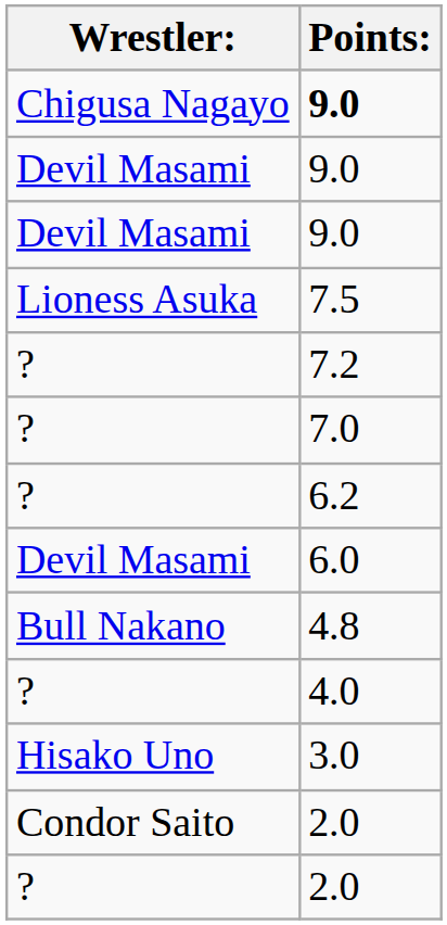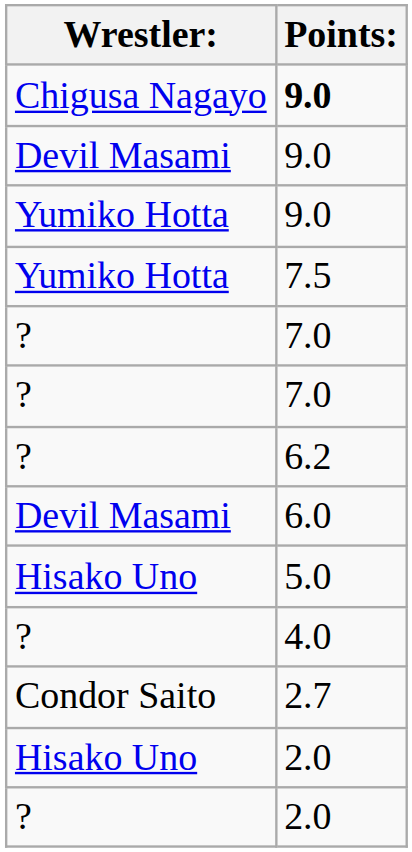 <table class="wikitable" style="margin: 1em auto 1em auto">
 <tr>
 <th>Wrestler:</th>
 <th>Points:</th>
 </tr>
 <tr>
 <td><a href='#'>Chigusa Nagayo</a></td>
 <td><strong>9.0</strong></td>
 </tr>
 <tr>
 <td><a href='#'>Devil Masami</a></td>
 <td>9.0</td>
 </tr>
 <tr>
-<td><a href='#'>Devil Masami</a></td>
+<td><a href='#'>Yumiko Hotta</a></td>
 <td>9.0</td>
 </tr>
 <tr>
-<td><a href='#'>Lioness Asuka</a></td>
+<td><a href='#'>Yumiko Hotta</a></td>
 <td>7.5</td>
 </tr>
 <tr>
 <td>?</td>
-<td>7.2</td>
+<td>7.0</td>
 </tr>
 <tr>
 <td>?</td>
 <td>7.0</td>
 </tr>
 <tr>
 <td>?</td>
 <td>6.2</td>
 </tr>
 <tr>
 <td><a href='#'>Devil Masami</a></td>
 <td>6.0</td>
 </tr>
 <tr>
-<td><a href='#'>Bull Nakano</a></td>
-<td>4.8</td>
+<td><a href='#'>Hisako Uno</a></td>
+<td>5.0</td>
 </tr>
 <tr>
 <td>?</td>
 <td>4.0</td>
 </tr>
 <tr>
-<td><a href='#'>Hisako Uno</a></td>
-<td>3.0</td>
+<td>Condor Saito</td>
+<td>2.7</td>
 </tr>
 <tr>
-<td>Condor Saito</td>
+<td><a href='#'>Hisako Uno</a></td>
 <td>2.0</td>
 </tr>
 <tr>
 <td>?</td>
 <td>2.0</td>
 </tr>
 </table>
